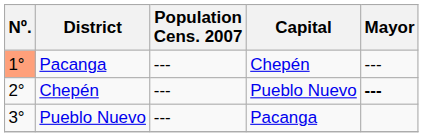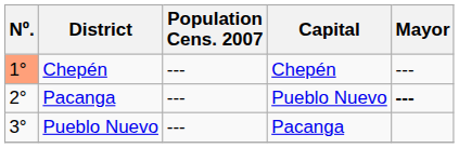 <table class="wikitable sortable">
 <tr ---->
 <th>Nº.</th>
 <th>District</th>
 <th>Population<br>Cens. 2007</th>
 <th>Capital</th>
 <th>Mayor</th>
 </tr>
 <tr ---->
 <td style="background: lightsalmon;">1°</td>
-<td><a href='#'>Pacanga</a></td>
+<td><a href='#'>Chepén</a></td>
 <td>---</td>
 <td><a href='#'>Chepén</a></td>
 <td>---</td>
 </tr>
 <tr ---->
 <td>2°</td>
-<td><a href='#'>Chepén</a></td>
+<td><a href='#'>Pacanga</a></td>
 <td>---</td>
 <td><a href='#'>Pueblo Nuevo</a></td>
 <td><strong>---</strong></td>
 </tr>
 <tr ---->
 <td>3°</td>
 <td><a href='#'>Pueblo Nuevo</a></td>
 <td>---</td>
 <td><a href='#'>Pacanga</a></td>
 <td><strong> </strong></td>
 </tr>
 <tr ---->
 </tr>
 </table>
